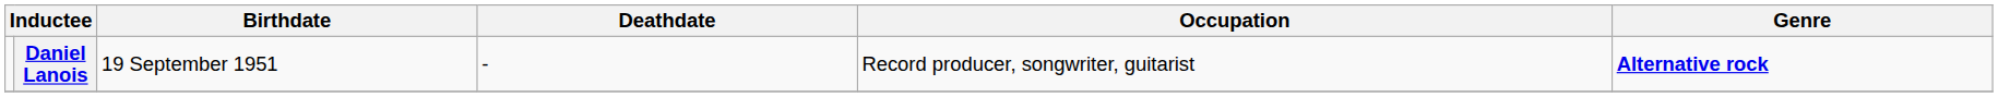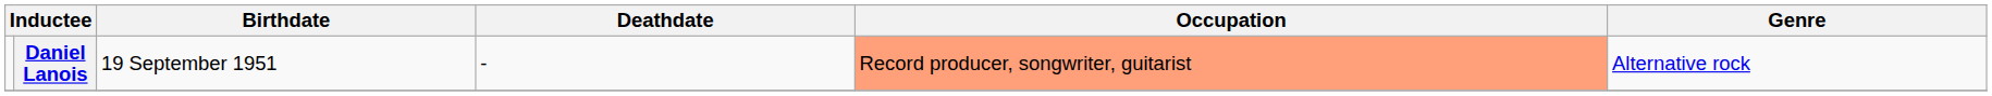 <table class="wikitable" width="100%">
 <tr>
 <th colspan=2>Inductee</th>
 <th width="20%">Birthdate</th>
 <th width="20%">Deathdate</th>
 <th width="40%">Occupation</th>
 <th width="40%">Genre</th>
 </tr>
 <tr>
 <td></td>
 <th><a href='#'>Daniel Lanois</a></th>
 <td>19 September 1951</td>
 <td>-</td>
-<td>Record producer, songwriter, guitarist</td>
-<td><strong><a href='#'>Alternative rock</a></strong></td>
+<td style="background: lightsalmon;">Record producer, songwriter, guitarist</td>
+<td><a href='#'>Alternative rock</a></td>
 </tr>
 <tr>
 </tr>
 </table>
